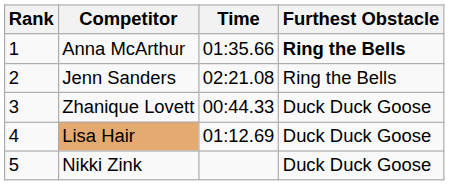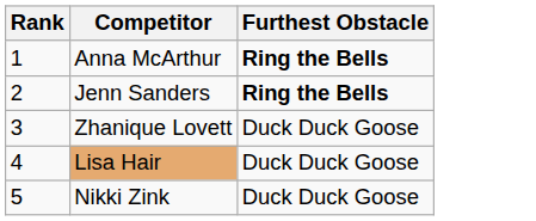 <table class="wikitable sortable mw-collapsible" style="display: inline-table;">
 <tr>
 <th>Rank</th>
 <th>Competitor</th>
-<th>Time</th>
 <th>Furthest Obstacle</th>
 </tr>
 <tr>
 <td>1</td>
 <td>Anna McArthur</td>
-<td>01:35.66</td>
 <td><strong>Ring the Bells</strong></td>
 </tr>
 <tr>
 <td>2</td>
 <td>Jenn Sanders</td>
-<td>02:21.08</td>
-<td>Ring the Bells</td>
+<td><strong>Ring the Bells</strong></td>
 </tr>
 <tr>
 <td>3</td>
 <td>Zhanique Lovett</td>
-<td>00:44.33</td>
 <td>Duck Duck Goose</td>
 </tr>
 <tr>
 <td>4</td>
 <td style="background-color:#E5AA70">Lisa Hair</td>
-<td>01:12.69</td>
 <td>Duck Duck Goose</td>
 </tr>
 <tr>
 <td>5</td>
 <td>Nikki Zink</td>
-<td></td>
 <td>Duck Duck Goose</td>
 </tr>
 </table>
